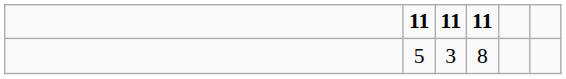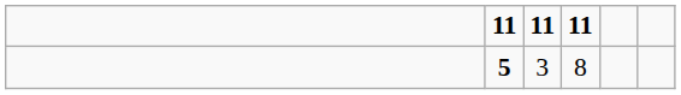 <table class="wikitable">
 <tr>
 <td style="width:18em"><strong></strong></td>
 <td align=center style="width:1em"><strong>11</strong></td>
 <td align=center style="width:1em"><strong>11</strong></td>
 <td align=center style="width:1em"><strong>11</strong></td>
 <td align=center style="width:1em"></td>
 <td align=center style="width:1em"></td>
 </tr>
 <tr>
 <td style="width:18em"></td>
-<td align=center style="width:1em">5</td>
+<td align=center style="width:1em"><strong>5</strong></td>
 <td align=center style="width:1em">3</td>
 <td align=center style="width:1em">8</td>
 <td align=center style="width:1em"></td>
 <td align=center style="width:1em"></td>
 </tr>
 </table>
